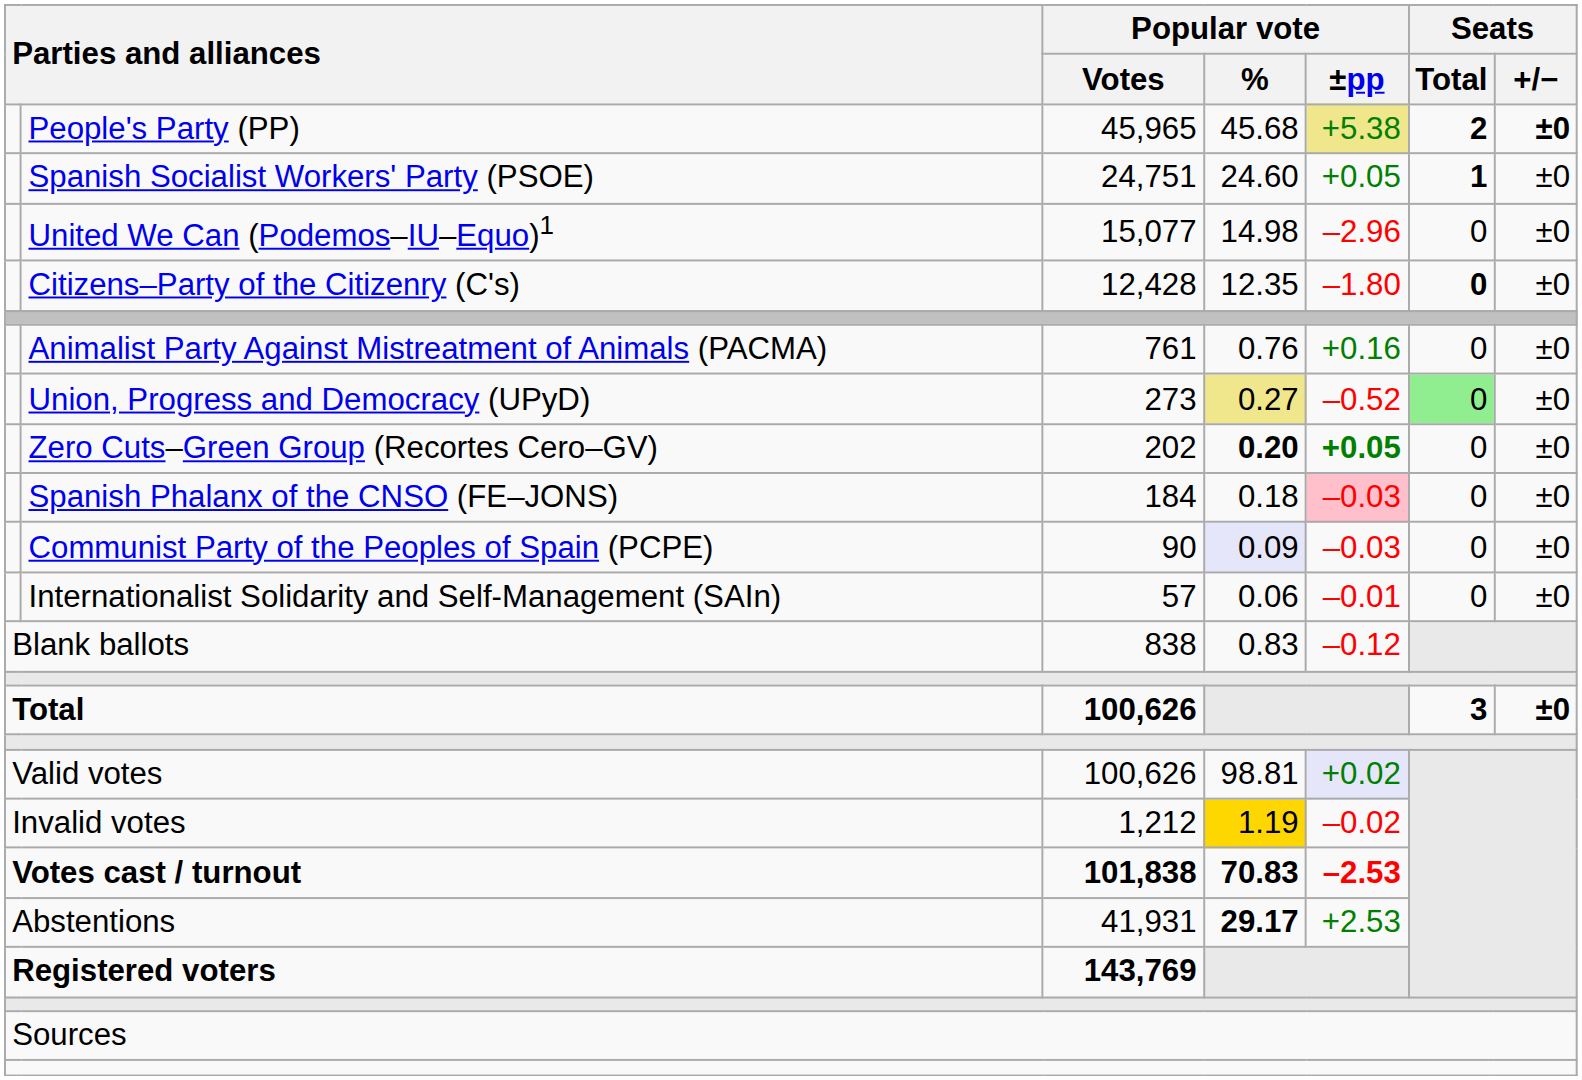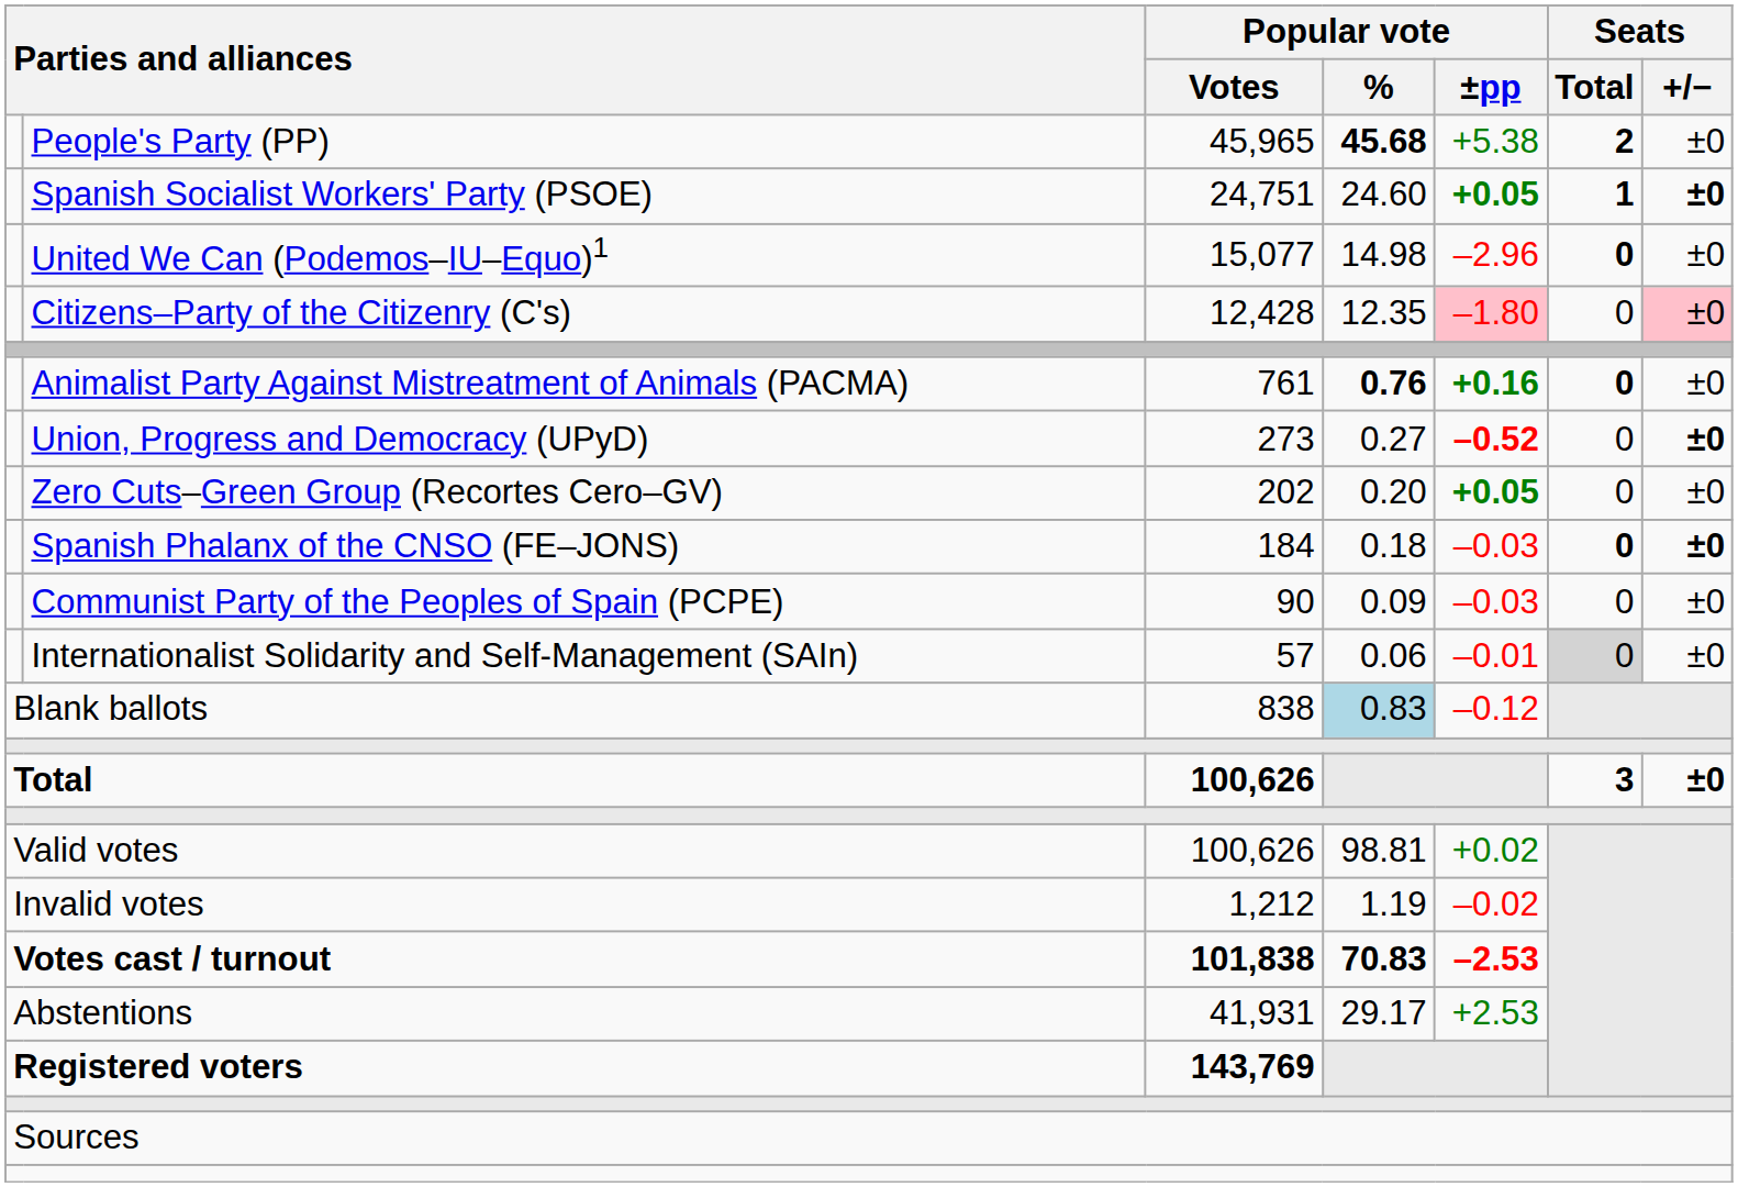 <table class="wikitable" style="text-align:right;">
 <tr>
 <th style="text-align:left;" rowspan="2" colspan="2" width="525">Parties and alliances</th>
 <th colspan="3">Popular vote</th>
 <th colspan="2">Seats</th>
 </tr>
 <tr>
 <th width="75">Votes</th>
 <th width="45">%</th>
 <th width="45">±<a href='#'>pp</a></th>
 <th width="35">Total</th>
 <th width="35">+/−</th>
 </tr>
 <tr>
 <td width="1" style="color:inherit;background:"></td>
 <td align="left"><a href='#'>People's Party</a> (PP)</td>
 <td>45,965</td>
-<td>45.68</td>
-<td style="background: khaki; color:green;">+5.38</td>
+<td><strong>45.68</strong></td>
+<td style="color:green;">+5.38</td>
 <td><strong>2</strong></td>
-<td><strong>±0</strong></td>
+<td>±0</td>
 </tr>
 <tr>
 <td style="color:inherit;background:"></td>
 <td align="left"><a href='#'>Spanish Socialist Workers' Party</a> (PSOE)</td>
 <td>24,751</td>
 <td>24.60</td>
-<td style="color:green;">+0.05</td>
+<td style="color:green;"><strong>+0.05</strong></td>
 <td><strong>1</strong></td>
-<td>±0</td>
+<td><strong>±0</strong></td>
 </tr>
 <tr>
 <td style="color:inherit;background:"></td>
 <td align="left"><a href='#'>United We Can</a> (<a href='#'>Podemos</a>–<a href='#'>IU</a>–<a href='#'>Equo</a>)<sup>1</sup></td>
 <td>15,077</td>
 <td>14.98</td>
 <td style="color:red;">–2.96</td>
-<td>0</td>
+<td><strong>0</strong></td>
 <td>±0</td>
 </tr>
 <tr>
 <td style="color:inherit;background:"></td>
 <td align="left"><a href='#'>Citizens–Party of the Citizenry</a> (C's)</td>
 <td>12,428</td>
 <td>12.35</td>
-<td style="color:red;">–1.80</td>
-<td><strong>0</strong></td>
-<td>±0</td>
+<td style="background: pink; color:red;">–1.80</td>
+<td>0</td>
+<td style="background: pink;">±0</td>
 </tr>
 <tr>
 <td colspan="7" bgcolor="#C0C0C0"></td>
 </tr>
 <tr>
 <td style="color:inherit;background:"></td>
 <td align="left"><a href='#'>Animalist Party Against Mistreatment of Animals</a> (PACMA)</td>
 <td>761</td>
-<td>0.76</td>
-<td style="color:green;">+0.16</td>
-<td>0</td>
+<td><strong>0.76</strong></td>
+<td style="color:green;"><strong>+0.16</strong></td>
+<td><strong>0</strong></td>
 <td>±0</td>
 </tr>
 <tr>
 <td style="color:inherit;background:"></td>
 <td align="left"><a href='#'>Union, Progress and Democracy</a> (UPyD)</td>
 <td>273</td>
-<td style="background: khaki;">0.27</td>
-<td style="color:red;">–0.52</td>
-<td style="background: lightgreen;">0</td>
-<td>±0</td>
+<td>0.27</td>
+<td style="color:red;"><strong>–0.52</strong></td>
+<td>0</td>
+<td><strong>±0</strong></td>
 </tr>
 <tr>
 <td style="color:inherit;background:"></td>
 <td align="left"><a href='#'>Zero Cuts</a>–<a href='#'>Green Group</a> (Recortes Cero–GV)</td>
 <td>202</td>
-<td><strong>0.20</strong></td>
+<td>0.20</td>
 <td style="color:green;"><strong>+0.05</strong></td>
 <td>0</td>
 <td>±0</td>
 </tr>
 <tr>
 <td style="color:inherit;background:"></td>
 <td align="left"><a href='#'>Spanish Phalanx of the CNSO</a> (FE–JONS)</td>
 <td>184</td>
 <td>0.18</td>
-<td style="background: pink; color:red;">–0.03</td>
-<td>0</td>
-<td>±0</td>
+<td style="color:red;">–0.03</td>
+<td><strong>0</strong></td>
+<td><strong>±0</strong></td>
 </tr>
 <tr>
 <td style="color:inherit;background:"></td>
 <td align="left"><a href='#'>Communist Party of the Peoples of Spain</a> (PCPE)</td>
 <td>90</td>
-<td style="background: lavender;">0.09</td>
+<td>0.09</td>
 <td style="color:red;">–0.03</td>
 <td>0</td>
 <td>±0</td>
 </tr>
 <tr>
 <td style="color:inherit;background:"></td>
 <td align="left">Internationalist Solidarity and Self-Management (SAIn)</td>
 <td>57</td>
 <td>0.06</td>
 <td style="color:red;">–0.01</td>
-<td>0</td>
+<td style="background: lightgrey;">0</td>
 <td>±0</td>
 </tr>
 <tr>
 <td align="left" colspan="2">Blank ballots</td>
 <td>838</td>
-<td>0.83</td>
+<td style="background: lightblue;">0.83</td>
 <td style="color:red;">–0.12</td>
 <td bgcolor="#E9E9E9" colspan="2"></td>
 </tr>
 <tr>
 <td colspan="7" bgcolor="#E9E9E9"></td>
 </tr>
 <tr style="font-weight:bold;">
 <td align="left" colspan="2">Total</td>
 <td>100,626</td>
 <td bgcolor="#E9E9E9" colspan="2"></td>
 <td>3</td>
 <td>±0</td>
 </tr>
 <tr>
 <td colspan="7" bgcolor="#E9E9E9"></td>
 </tr>
 <tr>
 <td align="left" colspan="2">Valid votes</td>
 <td>100,626</td>
 <td>98.81</td>
-<td style="background: lavender; color:green;">+0.02</td>
+<td style="color:green;">+0.02</td>
 <td bgcolor="#E9E9E9" colspan="2" rowspan="5"></td>
 </tr>
 <tr>
 <td align="left" colspan="2">Invalid votes</td>
 <td>1,212</td>
-<td style="background: gold;">1.19</td>
+<td>1.19</td>
 <td style="color:red;">–0.02</td>
 </tr>
 <tr style="font-weight:bold;">
 <td align="left" colspan="2">Votes cast / turnout</td>
 <td>101,838</td>
 <td>70.83</td>
 <td style="color:red;">–2.53</td>
 </tr>
 <tr>
 <td align="left" colspan="2">Abstentions</td>
 <td>41,931</td>
-<td><strong>29.17</strong></td>
+<td>29.17</td>
 <td style="color:green;">+2.53</td>
 </tr>
 <tr style="font-weight:bold;">
 <td align="left" colspan="2">Registered voters</td>
 <td>143,769</td>
 <td bgcolor="#E9E9E9" colspan="2"></td>
 </tr>
 <tr>
 <td colspan="7" bgcolor="#E9E9E9"></td>
 </tr>
 <tr>
 <td align="left" colspan="7">Sources</td>
 </tr>
 <tr>
 <td colspan="7" style="text-align:left; max-width:790px;"></td>
 </tr>
 </table>
